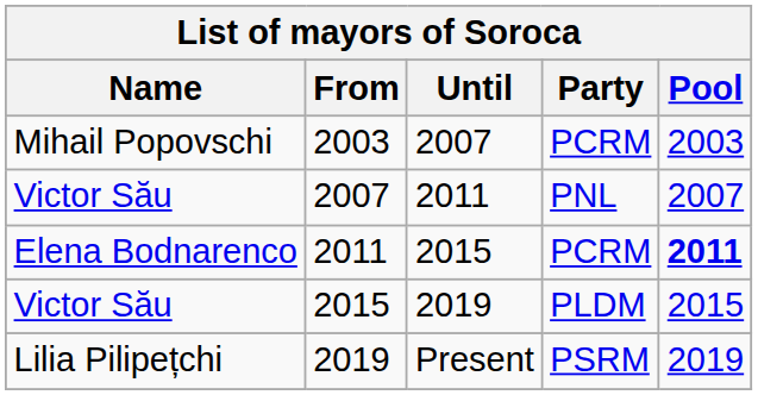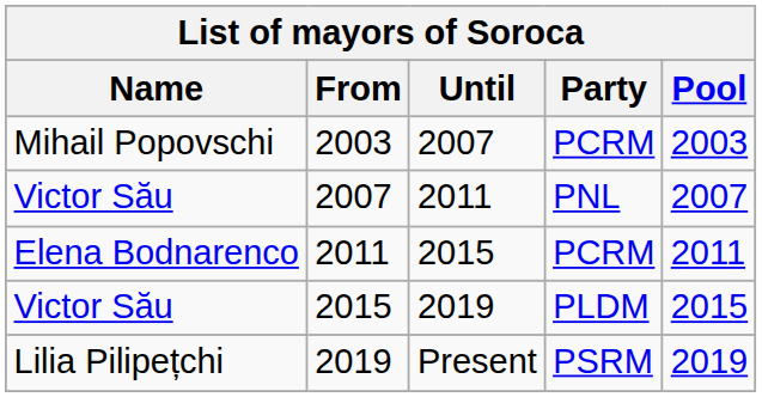 <table class="wikitable">
 <tr>
 <th colspan=5>List of mayors of Soroca</th>
 </tr>
 <tr>
 <th>Name</th>
 <th>From</th>
 <th>Until</th>
 <th>Party</th>
 <th><a href='#'>Pool</a></th>
 </tr>
 <tr>
 <td>Mihail Popovschi</td>
 <td>2003</td>
 <td>2007</td>
 <td><a href='#'>PCRM</a></td>
 <td><a href='#'>2003</a></td>
 </tr>
 <tr>
 <td><a href='#'>Victor Său</a></td>
 <td>2007</td>
 <td>2011</td>
 <td><a href='#'>PNL</a></td>
 <td><a href='#'>2007</a></td>
 </tr>
 <tr>
 <td><a href='#'>Elena Bodnarenco</a></td>
 <td>2011</td>
 <td>2015</td>
 <td><a href='#'>PCRM</a></td>
-<td><strong><a href='#'>2011</a></strong></td>
+<td><a href='#'>2011</a></td>
 </tr>
 <tr>
 <td><a href='#'>Victor Său</a></td>
 <td>2015</td>
 <td>2019</td>
 <td><a href='#'>PLDM</a></td>
 <td><a href='#'>2015</a></td>
 </tr>
 <tr>
 <td>Lilia Pilipețchi</td>
 <td>2019</td>
 <td>Present</td>
 <td><a href='#'>PSRM</a></td>
 <td><a href='#'>2019</a></td>
 </tr>
 </table>
